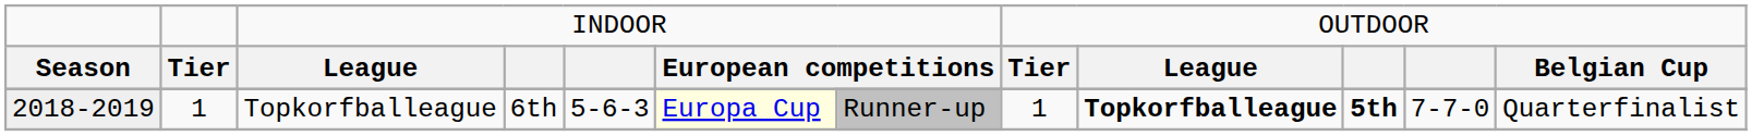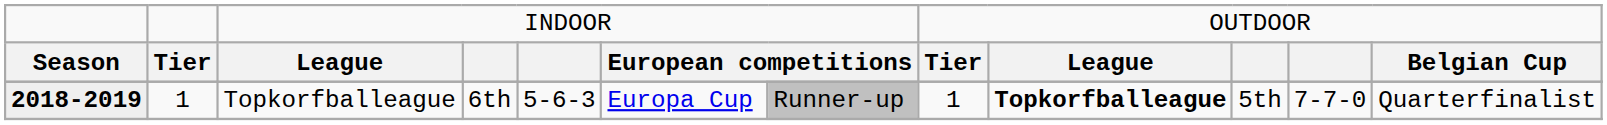 <table class="wikitable" style="font-size:85%">
 <tr>
 <td></td>
 <td></td>
 <td colspan=5 align="center">INDOOR</td>
 <td colspan=5 align="center">OUTDOOR</td>
 </tr>
 <tr bgcolor=>
 <th>Season</th>
 <th>Tier</th>
 <th>League</th>
 <th></th>
 <th></th>
 <th colspan=2>European competitions</th>
 <th>Tier</th>
 <th>League</th>
 <th></th>
 <th></th>
 <th>Belgian Cup</th>
 </tr>
 <tr>
 </tr>
 <tr>
-<td style="background:#efefef;">2018-2019</td>
+<td style="background:#efefef;"><strong>2018-2019</strong></td>
 <td align="center">1</td>
 <td>Topkorfballeague</td>
 <td style="background: " align="center">6th</td>
 <td style="text-align:center;">5-6-3</td>
-<td style="background: lightyellow;"><a href='#'>Europa Cup</a></td>
+<td><a href='#'>Europa Cup</a></td>
 <td style="background:silver">Runner-up</td>
 <td align="center">1</td>
 <td><strong>Topkorfballeague</strong></td>
-<td style="background: " align="center"><strong>5th</strong></td>
+<td style="background: " align="center">5th</td>
 <td style="text-align:center;">7-7-0</td>
 <td>Quarterfinalist</td>
 </tr>
 <tr>
 </tr>
 </table>
